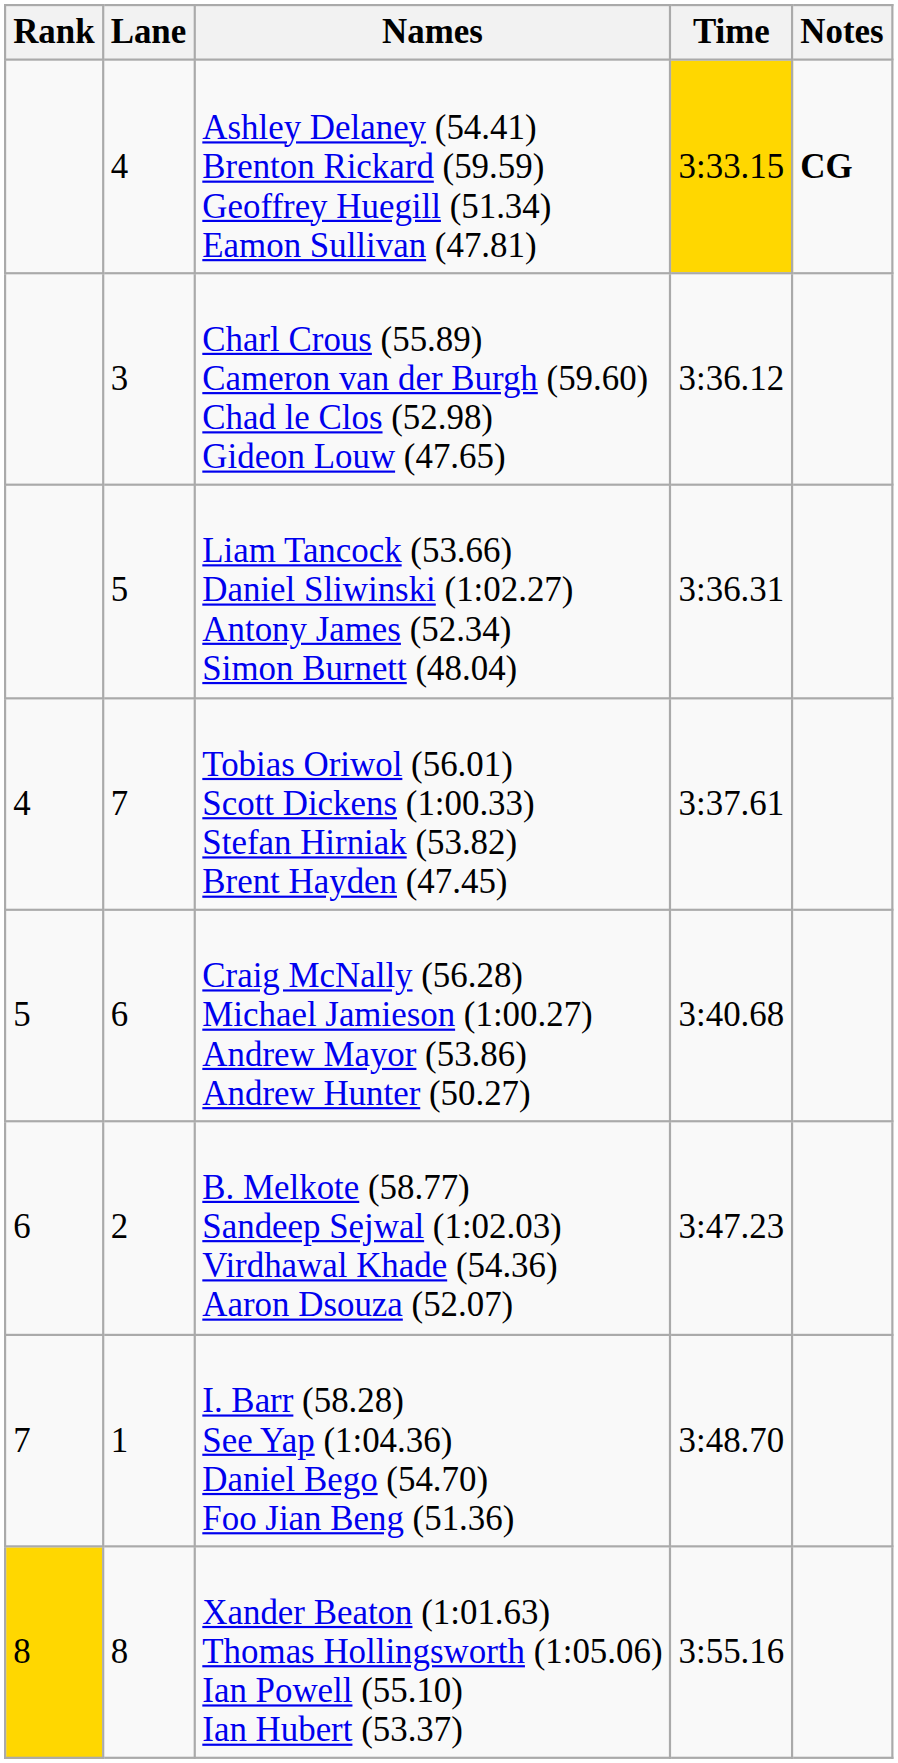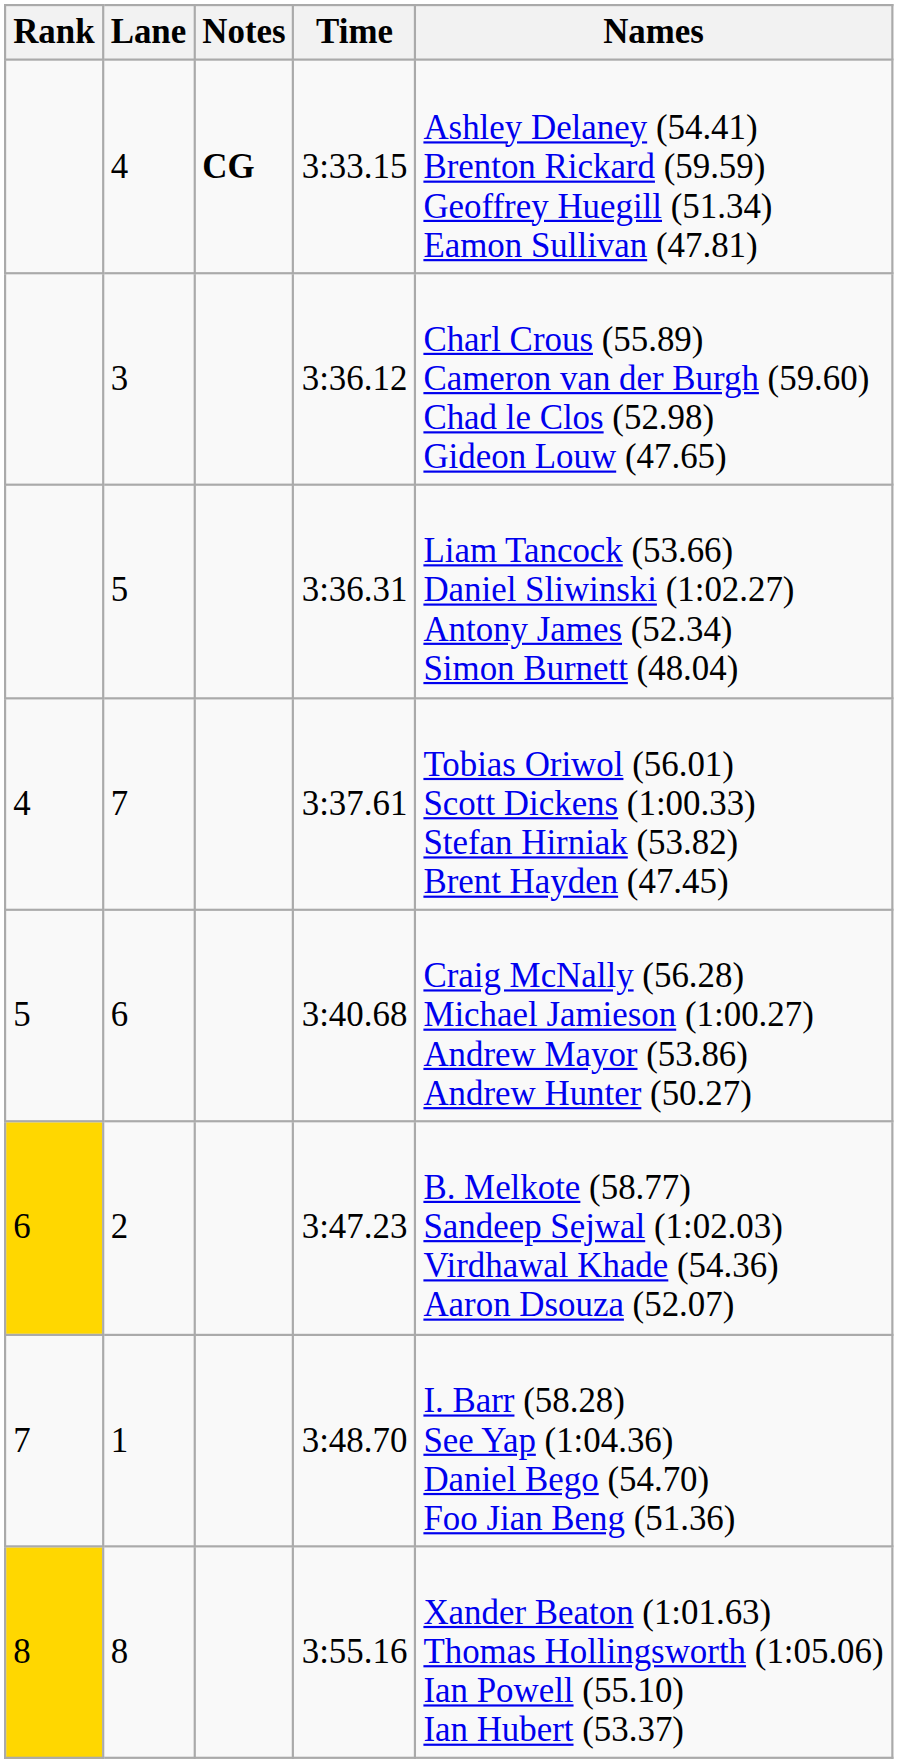 <table class="wikitable">
 <tr>
 <th>Rank</th>
 <th>Lane</th>
+<th>Notes</th>
+<th>Time</th>
 <th>Names</th>
-<th>Time</th>
-<th>Notes</th>
 </tr>
 <tr>
 <td></td>
 <td>4</td>
+<td><strong>CG</strong></td>
+<td>3:33.15</td>
 <td><br><a href='#'>Ashley Delaney</a> (54.41)<br><a href='#'>Brenton Rickard</a> (59.59)<br><a href='#'>Geoffrey Huegill</a> (51.34)<br><a href='#'>Eamon Sullivan</a> (47.81)</td>
-<td style="background: gold;">3:33.15</td>
-<td><strong>CG</strong></td>
 </tr>
 <tr>
 <td></td>
 <td>3</td>
+<td></td>
+<td>3:36.12</td>
 <td><br><a href='#'>Charl Crous</a> (55.89)<br><a href='#'>Cameron van der Burgh</a> (59.60)<br><a href='#'>Chad le Clos</a> (52.98)<br><a href='#'>Gideon Louw</a> (47.65)</td>
-<td>3:36.12</td>
-<td></td>
 </tr>
 <tr>
 <td></td>
 <td>5</td>
+<td></td>
+<td>3:36.31</td>
 <td><br><a href='#'>Liam Tancock</a> (53.66)<br><a href='#'>Daniel Sliwinski</a> (1:02.27)<br><a href='#'>Antony James</a> (52.34)<br><a href='#'>Simon Burnett</a> (48.04)</td>
-<td>3:36.31</td>
-<td></td>
 </tr>
 <tr>
 <td>4</td>
 <td>7</td>
+<td></td>
+<td>3:37.61</td>
 <td><br><a href='#'>Tobias Oriwol</a> (56.01)<br><a href='#'>Scott Dickens</a> (1:00.33)<br><a href='#'>Stefan Hirniak</a> (53.82)<br><a href='#'>Brent Hayden</a> (47.45)</td>
-<td>3:37.61</td>
-<td></td>
 </tr>
 <tr>
 <td>5</td>
 <td>6</td>
+<td></td>
+<td>3:40.68</td>
 <td><br><a href='#'>Craig McNally</a> (56.28)<br><a href='#'>Michael Jamieson</a> (1:00.27)<br><a href='#'>Andrew Mayor</a> (53.86)<br><a href='#'>Andrew Hunter</a> (50.27)</td>
-<td>3:40.68</td>
-<td></td>
 </tr>
 <tr>
-<td>6</td>
+<td style="background: gold;">6</td>
 <td>2</td>
+<td></td>
+<td>3:47.23</td>
 <td><br><a href='#'>B. Melkote</a> (58.77)<br><a href='#'>Sandeep Sejwal</a> (1:02.03)<br><a href='#'>Virdhawal Khade</a> (54.36)<br><a href='#'>Aaron Dsouza</a> (52.07)</td>
-<td>3:47.23</td>
-<td></td>
 </tr>
 <tr>
 <td>7</td>
 <td>1</td>
+<td></td>
+<td>3:48.70</td>
 <td><br><a href='#'>I. Barr</a> (58.28)<br><a href='#'>See Yap</a> (1:04.36)<br><a href='#'>Daniel Bego</a> (54.70)<br><a href='#'>Foo Jian Beng</a> (51.36)</td>
-<td>3:48.70</td>
-<td></td>
 </tr>
 <tr>
 <td style="background: gold;">8</td>
 <td>8</td>
+<td></td>
+<td>3:55.16</td>
 <td><br><a href='#'>Xander Beaton</a> (1:01.63)<br><a href='#'>Thomas Hollingsworth</a> (1:05.06)<br><a href='#'>Ian Powell</a> (55.10)<br><a href='#'>Ian Hubert</a> (53.37)</td>
-<td>3:55.16</td>
-<td></td>
 </tr>
 </table>
